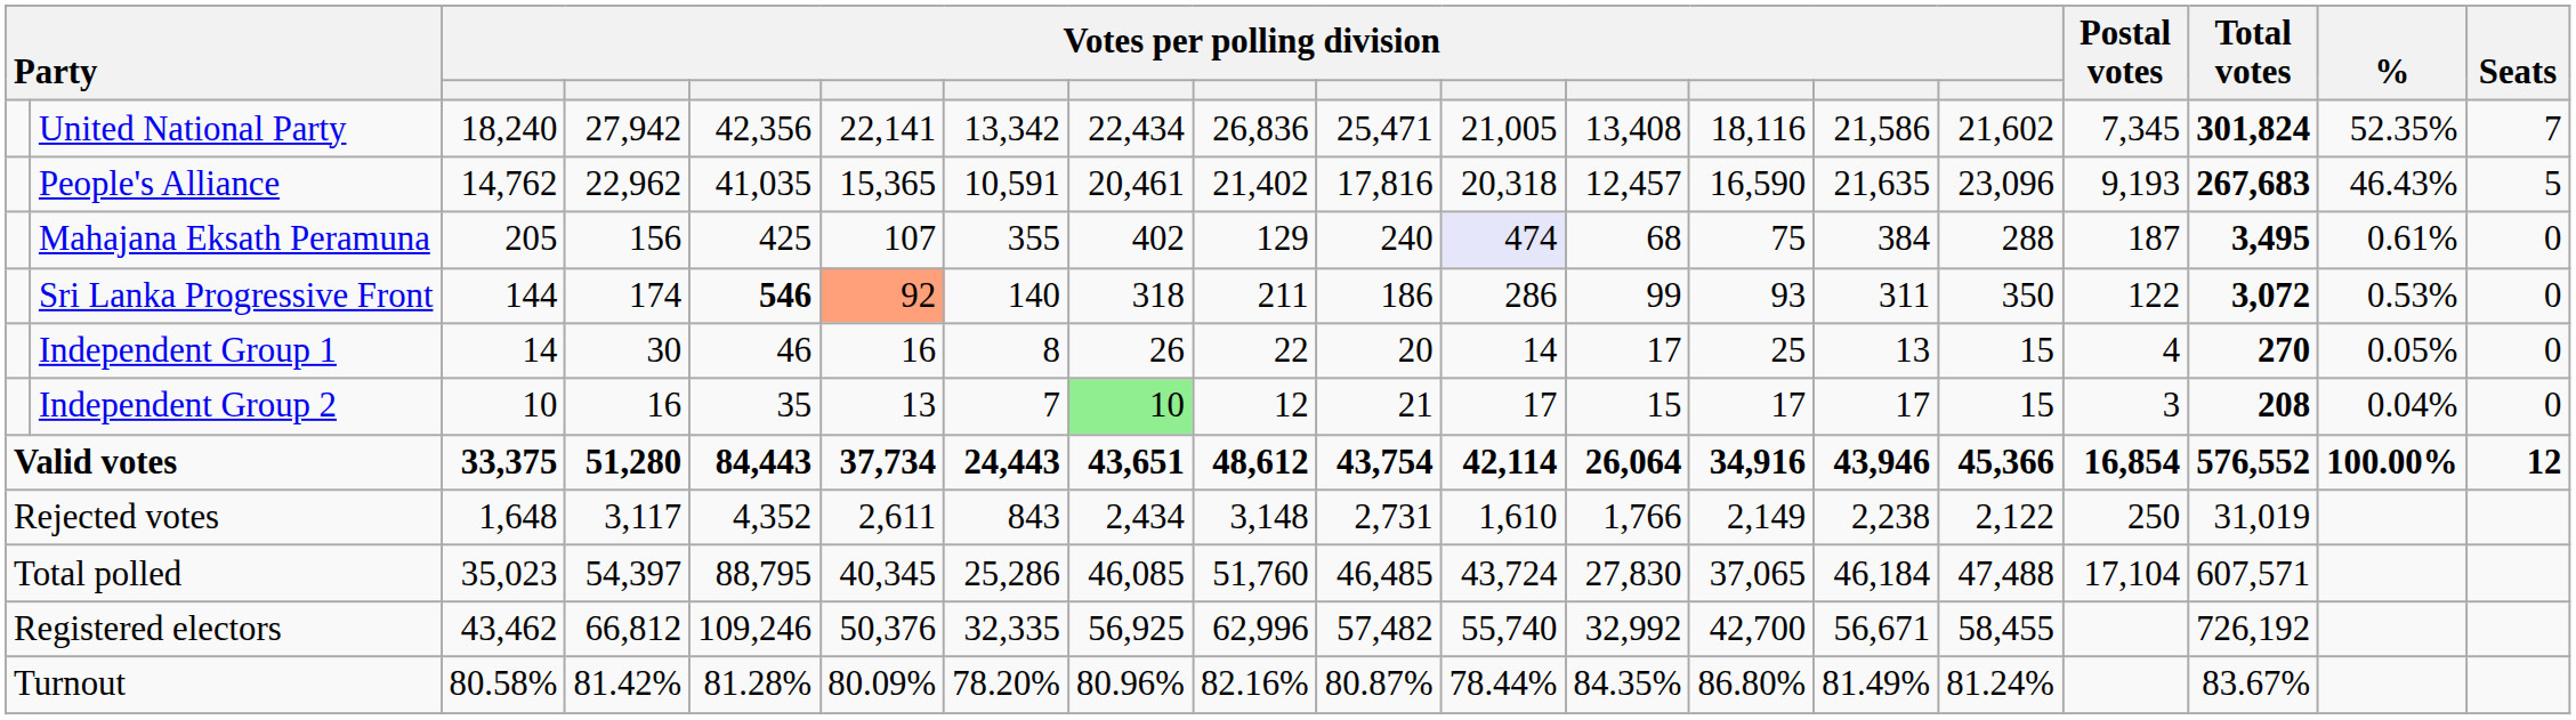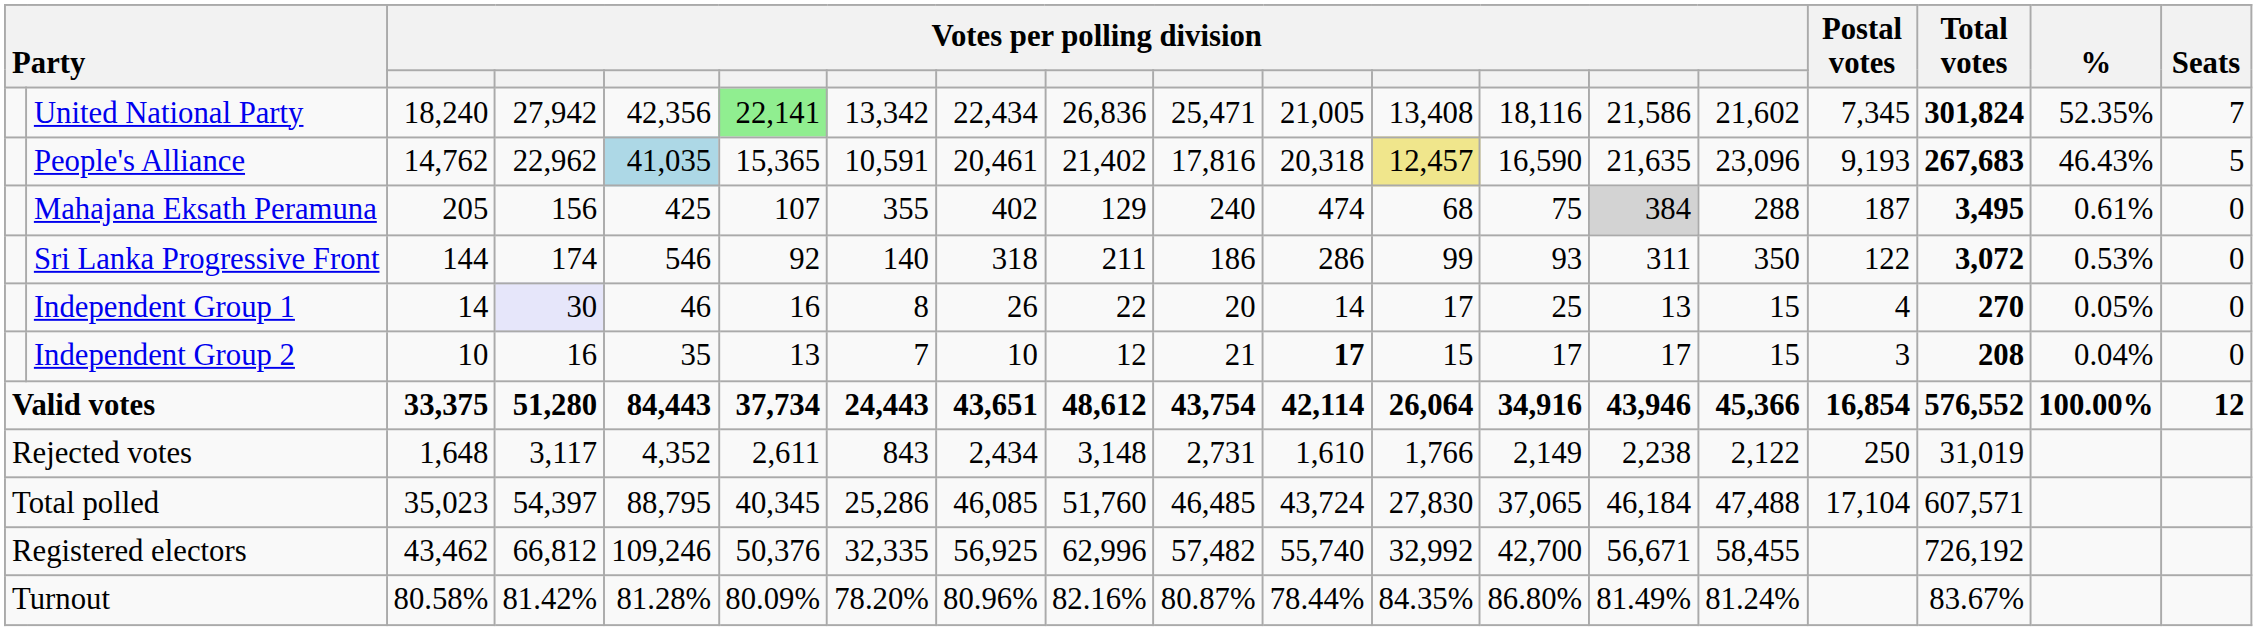 <table class="wikitable" border="1" style="text-align:right;">
 <tr>
 <th style="text-align:left; vertical-align:bottom;" rowspan="2" colspan="2">Party</th>
 <th colspan=13>Votes per polling division</th>
 <th rowspan="2" style="vertical-align:bottom; text-align:center; width:50px;">Postal<br>votes</th>
 <th rowspan="2" style="vertical-align:bottom; text-align:center; width:50px;">Total votes</th>
 <th rowspan="2" style="vertical-align:bottom; text-align:center; width:50px;">%</th>
 <th rowspan="2" style="vertical-align:bottom; text-align:center; width:40px;">Seats</th>
 </tr>
 <tr>
 <th></th>
 <th></th>
 <th></th>
 <th></th>
 <th></th>
 <th></th>
 <th></th>
 <th></th>
 <th></th>
 <th></th>
 <th></th>
 <th></th>
 <th></th>
 </tr>
 <tr>
 <td bgcolor=> </td>
 <td align=left><a href='#'>United National Party</a></td>
 <td>18,240</td>
 <td>27,942</td>
 <td>42,356</td>
-<td>22,141</td>
+<td style="background: lightgreen;">22,141</td>
 <td>13,342</td>
 <td>22,434</td>
 <td>26,836</td>
 <td>25,471</td>
 <td>21,005</td>
 <td>13,408</td>
 <td>18,116</td>
 <td>21,586</td>
 <td>21,602</td>
 <td>7,345</td>
 <td><strong>301,824</strong></td>
 <td>52.35%</td>
 <td>7</td>
 </tr>
 <tr>
 <td bgcolor=> </td>
 <td align=left><a href='#'>People's Alliance</a></td>
 <td>14,762</td>
 <td>22,962</td>
-<td>41,035</td>
+<td style="background: lightblue;">41,035</td>
 <td>15,365</td>
 <td>10,591</td>
 <td>20,461</td>
 <td>21,402</td>
 <td>17,816</td>
 <td>20,318</td>
-<td>12,457</td>
+<td style="background: khaki;">12,457</td>
 <td>16,590</td>
 <td>21,635</td>
 <td>23,096</td>
 <td>9,193</td>
 <td><strong>267,683</strong></td>
 <td>46.43%</td>
 <td>5</td>
 </tr>
 <tr>
 <td bgcolor=> </td>
 <td align=left><a href='#'>Mahajana Eksath Peramuna</a></td>
 <td>205</td>
 <td>156</td>
 <td>425</td>
 <td>107</td>
 <td>355</td>
 <td>402</td>
 <td>129</td>
 <td>240</td>
-<td style="background: lavender;">474</td>
+<td>474</td>
 <td>68</td>
 <td>75</td>
-<td>384</td>
+<td style="background: lightgrey;">384</td>
 <td>288</td>
 <td>187</td>
 <td><strong>3,495</strong></td>
 <td>0.61%</td>
 <td>0</td>
 </tr>
 <tr>
 <td bgcolor=> </td>
 <td align=left><a href='#'>Sri Lanka Progressive Front</a></td>
 <td>144</td>
 <td>174</td>
-<td><strong>546</strong></td>
-<td style="background: lightsalmon;">92</td>
+<td>546</td>
+<td>92</td>
 <td>140</td>
 <td>318</td>
 <td>211</td>
 <td>186</td>
 <td>286</td>
 <td>99</td>
 <td>93</td>
 <td>311</td>
 <td>350</td>
 <td>122</td>
 <td><strong>3,072</strong></td>
 <td>0.53%</td>
 <td>0</td>
 </tr>
 <tr>
 <td bgcolor=> </td>
 <td align=left><a href='#'>Independent Group 1</a></td>
 <td>14</td>
-<td>30</td>
+<td style="background: lavender;">30</td>
 <td>46</td>
 <td>16</td>
 <td>8</td>
 <td>26</td>
 <td>22</td>
 <td>20</td>
 <td>14</td>
 <td>17</td>
 <td>25</td>
 <td>13</td>
 <td>15</td>
 <td>4</td>
 <td><strong>270</strong></td>
 <td>0.05%</td>
 <td>0</td>
 </tr>
 <tr>
 <td bgcolor=> </td>
 <td align=left><a href='#'>Independent Group 2</a></td>
 <td>10</td>
 <td>16</td>
 <td>35</td>
 <td>13</td>
 <td>7</td>
-<td style="background: lightgreen;">10</td>
+<td>10</td>
 <td>12</td>
 <td>21</td>
-<td>17</td>
+<td><strong>17</strong></td>
 <td>15</td>
 <td>17</td>
 <td>17</td>
 <td>15</td>
 <td>3</td>
 <td><strong>208</strong></td>
 <td>0.04%</td>
 <td>0</td>
 </tr>
 <tr>
 <td align=left colspan="2"><strong>Valid votes</strong></td>
 <td><strong>33,375</strong></td>
 <td><strong>51,280</strong></td>
 <td><strong>84,443</strong></td>
 <td><strong>37,734</strong></td>
 <td><strong>24,443</strong></td>
 <td><strong>43,651</strong></td>
 <td><strong>48,612</strong></td>
 <td><strong>43,754</strong></td>
 <td><strong>42,114</strong></td>
 <td><strong>26,064</strong></td>
 <td><strong>34,916</strong></td>
 <td><strong>43,946</strong></td>
 <td><strong>45,366</strong></td>
 <td><strong>16,854</strong></td>
 <td><strong>576,552</strong></td>
 <td><strong>100.00%</strong></td>
 <td><strong>12</strong></td>
 </tr>
 <tr>
 <td align=left colspan="2">Rejected votes</td>
 <td>1,648</td>
 <td>3,117</td>
 <td>4,352</td>
 <td>2,611</td>
 <td>843</td>
 <td>2,434</td>
 <td>3,148</td>
 <td>2,731</td>
 <td>1,610</td>
 <td>1,766</td>
 <td>2,149</td>
 <td>2,238</td>
 <td>2,122</td>
 <td>250</td>
 <td>31,019</td>
 <td></td>
 <td></td>
 </tr>
 <tr>
 <td align=left colspan="2">Total polled</td>
 <td>35,023</td>
 <td>54,397</td>
 <td>88,795</td>
 <td>40,345</td>
 <td>25,286</td>
 <td>46,085</td>
 <td>51,760</td>
 <td>46,485</td>
 <td>43,724</td>
 <td>27,830</td>
 <td>37,065</td>
 <td>46,184</td>
 <td>47,488</td>
 <td>17,104</td>
 <td>607,571</td>
 <td></td>
 <td></td>
 </tr>
 <tr>
 <td align=left colspan="2">Registered electors</td>
 <td>43,462</td>
 <td>66,812</td>
 <td>109,246</td>
 <td>50,376</td>
 <td>32,335</td>
 <td>56,925</td>
 <td>62,996</td>
 <td>57,482</td>
 <td>55,740</td>
 <td>32,992</td>
 <td>42,700</td>
 <td>56,671</td>
 <td>58,455</td>
 <td></td>
 <td>726,192</td>
 <td></td>
 <td></td>
 </tr>
 <tr>
 <td align=left colspan="2">Turnout</td>
 <td>80.58%</td>
 <td>81.42%</td>
 <td>81.28%</td>
 <td>80.09%</td>
 <td>78.20%</td>
 <td>80.96%</td>
 <td>82.16%</td>
 <td>80.87%</td>
 <td>78.44%</td>
 <td>84.35%</td>
 <td>86.80%</td>
 <td>81.49%</td>
 <td>81.24%</td>
 <td></td>
 <td>83.67%</td>
 <td></td>
 <td></td>
 </tr>
 </table>
